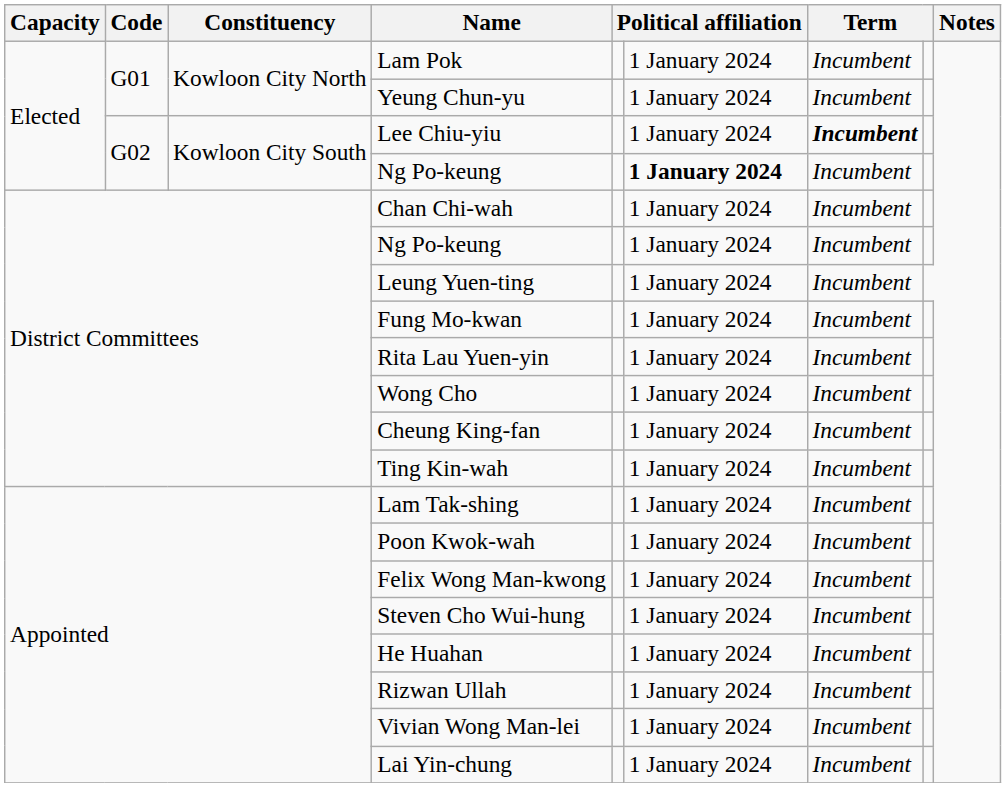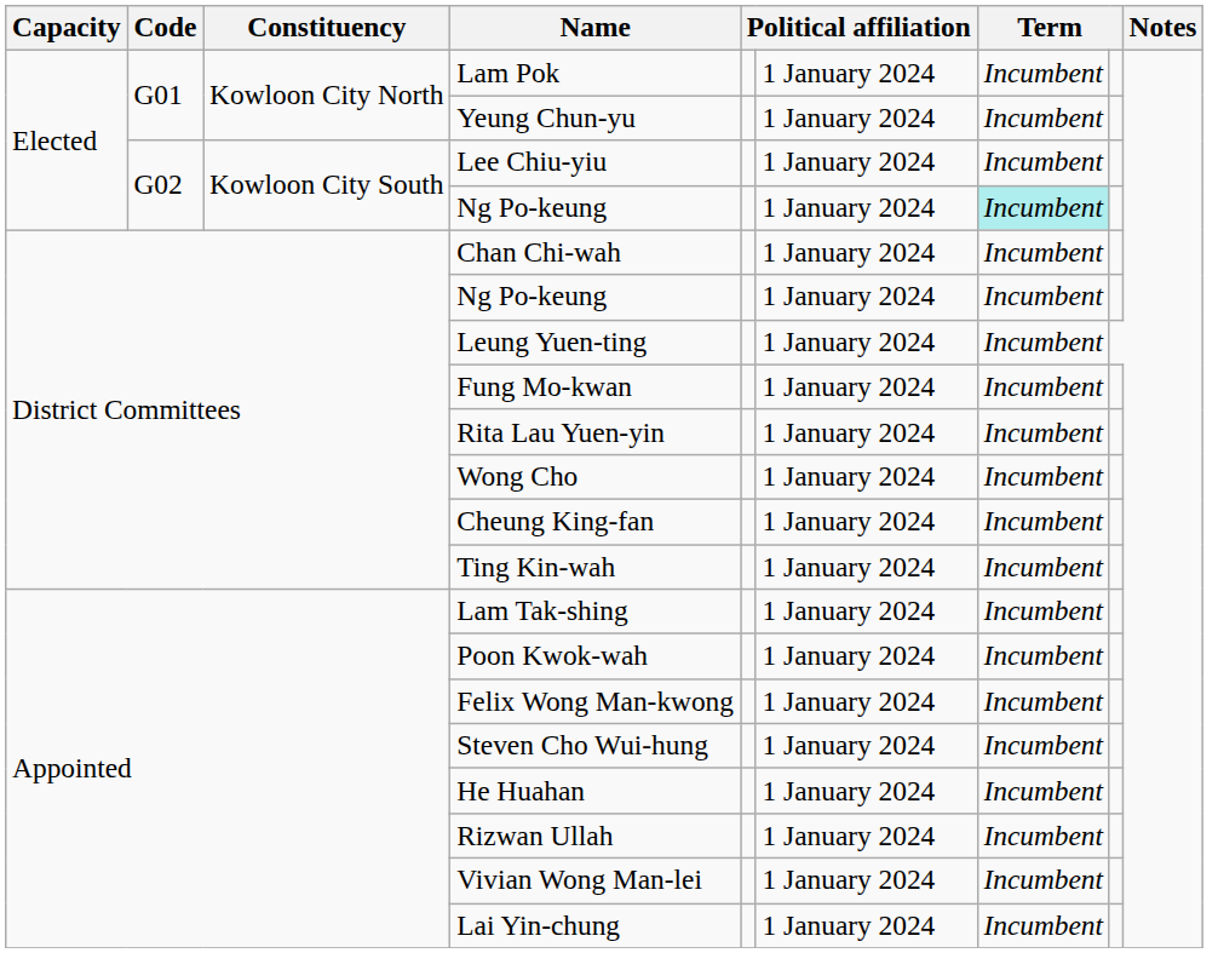 <table class="wikitable sortable" border="1">
 <tr>
 <th>Capacity</th>
 <th>Code</th>
 <th>Constituency</th>
 <th>Name</th>
 <th colspan="2">Political affiliation</th>
 <th colspan="2">Term</th>
 <th class="unsortable">Notes</th>
 </tr>
 <tr>
 <td rowspan="4">Elected</td>
 <td rowspan="2">G01</td>
 <td rowspan="2">Kowloon City North</td>
 <td>Lam Pok</td>
 <td></td>
 <td>1 January 2024</td>
 <td><em>Incumbent</em></td>
 <td></td>
 </tr>
 <tr>
 <td>Yeung Chun-yu</td>
 <td></td>
 <td>1 January 2024</td>
 <td><em>Incumbent</em></td>
 <td></td>
 </tr>
 <tr>
 <td rowspan="2">G02</td>
 <td rowspan="2">Kowloon City South</td>
 <td>Lee Chiu-yiu</td>
 <td></td>
 <td>1 January 2024</td>
-<td><strong><em>Incumbent</em></strong></td>
+<td><em>Incumbent</em></td>
 <td></td>
 </tr>
 <tr>
 <td>Ng Po-keung</td>
 <td></td>
-<td><strong>1 January 2024</strong></td>
-<td><em>Incumbent</em></td>
+<td>1 January 2024</td>
+<td style="background: paleturquoise;"><em>Incumbent</em></td>
 <td></td>
 </tr>
 <tr>
 <td colspan="3" rowspan="8">District Committees</td>
 <td>Chan Chi-wah</td>
 <td></td>
 <td>1 January 2024</td>
 <td><em>Incumbent</em></td>
 <td></td>
 </tr>
 <tr>
 <td>Ng Po-keung</td>
 <td></td>
 <td>1 January 2024</td>
 <td><em>Incumbent</em></td>
 <td></td>
 </tr>
 <tr>
 <td>Leung Yuen-ting</td>
 <td></td>
 <td>1 January 2024</td>
 <td><em>Incumbent</em></td>
 </tr>
 <tr>
 <td>Fung Mo-kwan</td>
 <td></td>
 <td>1 January 2024</td>
 <td><em>Incumbent</em></td>
 <td></td>
 </tr>
 <tr>
 <td>Rita Lau Yuen-yin</td>
 <td></td>
 <td>1 January 2024</td>
 <td><em>Incumbent</em></td>
 <td></td>
 </tr>
 <tr>
 <td>Wong Cho</td>
 <td></td>
 <td>1 January 2024</td>
 <td><em>Incumbent</em></td>
 <td></td>
 </tr>
 <tr>
 <td>Cheung King-fan</td>
 <td></td>
 <td>1 January 2024</td>
 <td><em>Incumbent</em></td>
 <td></td>
 </tr>
 <tr>
 <td>Ting Kin-wah</td>
 <td></td>
 <td>1 January 2024</td>
 <td><em>Incumbent</em></td>
 <td></td>
 </tr>
 <tr>
 <td colspan="3" rowspan="8">Appointed</td>
 <td>Lam Tak-shing</td>
 <td></td>
 <td>1 January 2024</td>
 <td><em>Incumbent</em></td>
 <td></td>
 </tr>
 <tr>
 <td>Poon Kwok-wah</td>
 <td></td>
 <td>1 January 2024</td>
 <td><em>Incumbent</em></td>
 <td></td>
 </tr>
 <tr>
 <td>Felix Wong Man-kwong</td>
 <td></td>
 <td>1 January 2024</td>
 <td><em>Incumbent</em></td>
 <td></td>
 </tr>
 <tr>
 <td>Steven Cho Wui-hung</td>
 <td></td>
 <td>1 January 2024</td>
 <td><em>Incumbent</em></td>
 <td></td>
 </tr>
 <tr>
 <td>He Huahan</td>
 <td></td>
 <td>1 January 2024</td>
 <td><em>Incumbent</em></td>
 <td scope="row" style="text-align: left;"></td>
 </tr>
 <tr>
 <td>Rizwan Ullah</td>
 <td></td>
 <td>1 January 2024</td>
 <td><em>Incumbent</em></td>
 <td></td>
 </tr>
 <tr>
 <td>Vivian Wong Man-lei</td>
 <td></td>
 <td>1 January 2024</td>
 <td><em>Incumbent</em></td>
 <td></td>
 </tr>
 <tr>
 <td>Lai Yin-chung</td>
 <td></td>
 <td>1 January 2024</td>
 <td><em>Incumbent</em></td>
 <td></td>
 </tr>
 </table>
